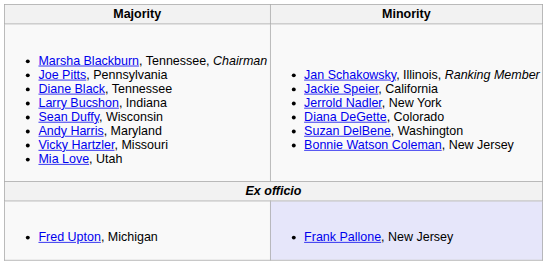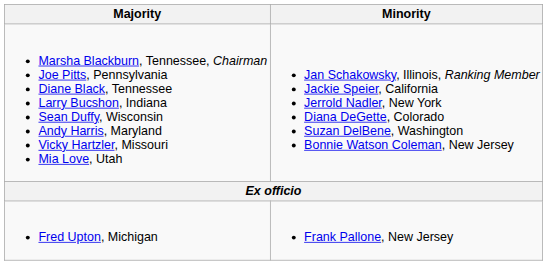 <table class=wikitable>
 <tr>
 <th>Majority</th>
 <th>Minority</th>
 </tr>
 <tr>
 <td><br><ul><li><a href='#'>Marsha Blackburn</a>, Tennessee, <em>Chairman</em></li><li><a href='#'>Joe Pitts</a>, Pennsylvania</li><li><a href='#'>Diane Black</a>, Tennessee</li><li><a href='#'>Larry Bucshon</a>, Indiana</li><li><a href='#'>Sean Duffy</a>, Wisconsin</li><li><a href='#'>Andy Harris</a>, Maryland</li><li><a href='#'>Vicky Hartzler</a>, Missouri</li><li><a href='#'>Mia Love</a>, Utah</li></ul></td>
 <td><br><ul><li><a href='#'>Jan Schakowsky</a>, Illinois, <em>Ranking Member</em></li><li><a href='#'>Jackie Speier</a>, California</li><li><a href='#'>Jerrold Nadler</a>, New York</li><li><a href='#'>Diana DeGette</a>, Colorado</li><li><a href='#'>Suzan DelBene</a>, Washington</li><li><a href='#'>Bonnie Watson Coleman</a>, New Jersey</li></ul></td>
 </tr>
 <tr>
 <th colspan=2><em>Ex officio</em></th>
 </tr>
 <tr>
 <td><br><ul><li><a href='#'>Fred Upton</a>, Michigan</li></ul></td>
-<td style="background: lavender;"><br><ul><li><a href='#'>Frank Pallone</a>, New Jersey</li></ul></td>
+<td><br><ul><li><a href='#'>Frank Pallone</a>, New Jersey</li></ul></td>
 </tr>
 </table>
